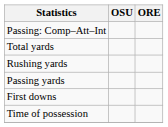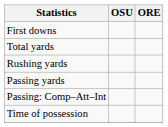 <table class="wikitable" style="float: left;">
 <tr>
 <th>Statistics</th>
 <th>OSU</th>
 <th>ORE</th>
 </tr>
 <tr>
-<td>Passing: Comp–Att–Int</td>
+<td>First downs</td>
 <td></td>
 <td></td>
 </tr>
 <tr>
 <td>Total yards</td>
 <td></td>
 <td></td>
 </tr>
 <tr>
 <td>Rushing yards</td>
 <td></td>
 <td></td>
 </tr>
 <tr>
 <td>Passing yards</td>
 <td></td>
 <td></td>
 </tr>
 <tr>
-<td>First downs</td>
+<td>Passing: Comp–Att–Int</td>
 <td></td>
 <td></td>
 </tr>
 <tr>
 <td>Time of possession</td>
 <td></td>
 <td></td>
 </tr>
 <tr>
 </tr>
 </table>
